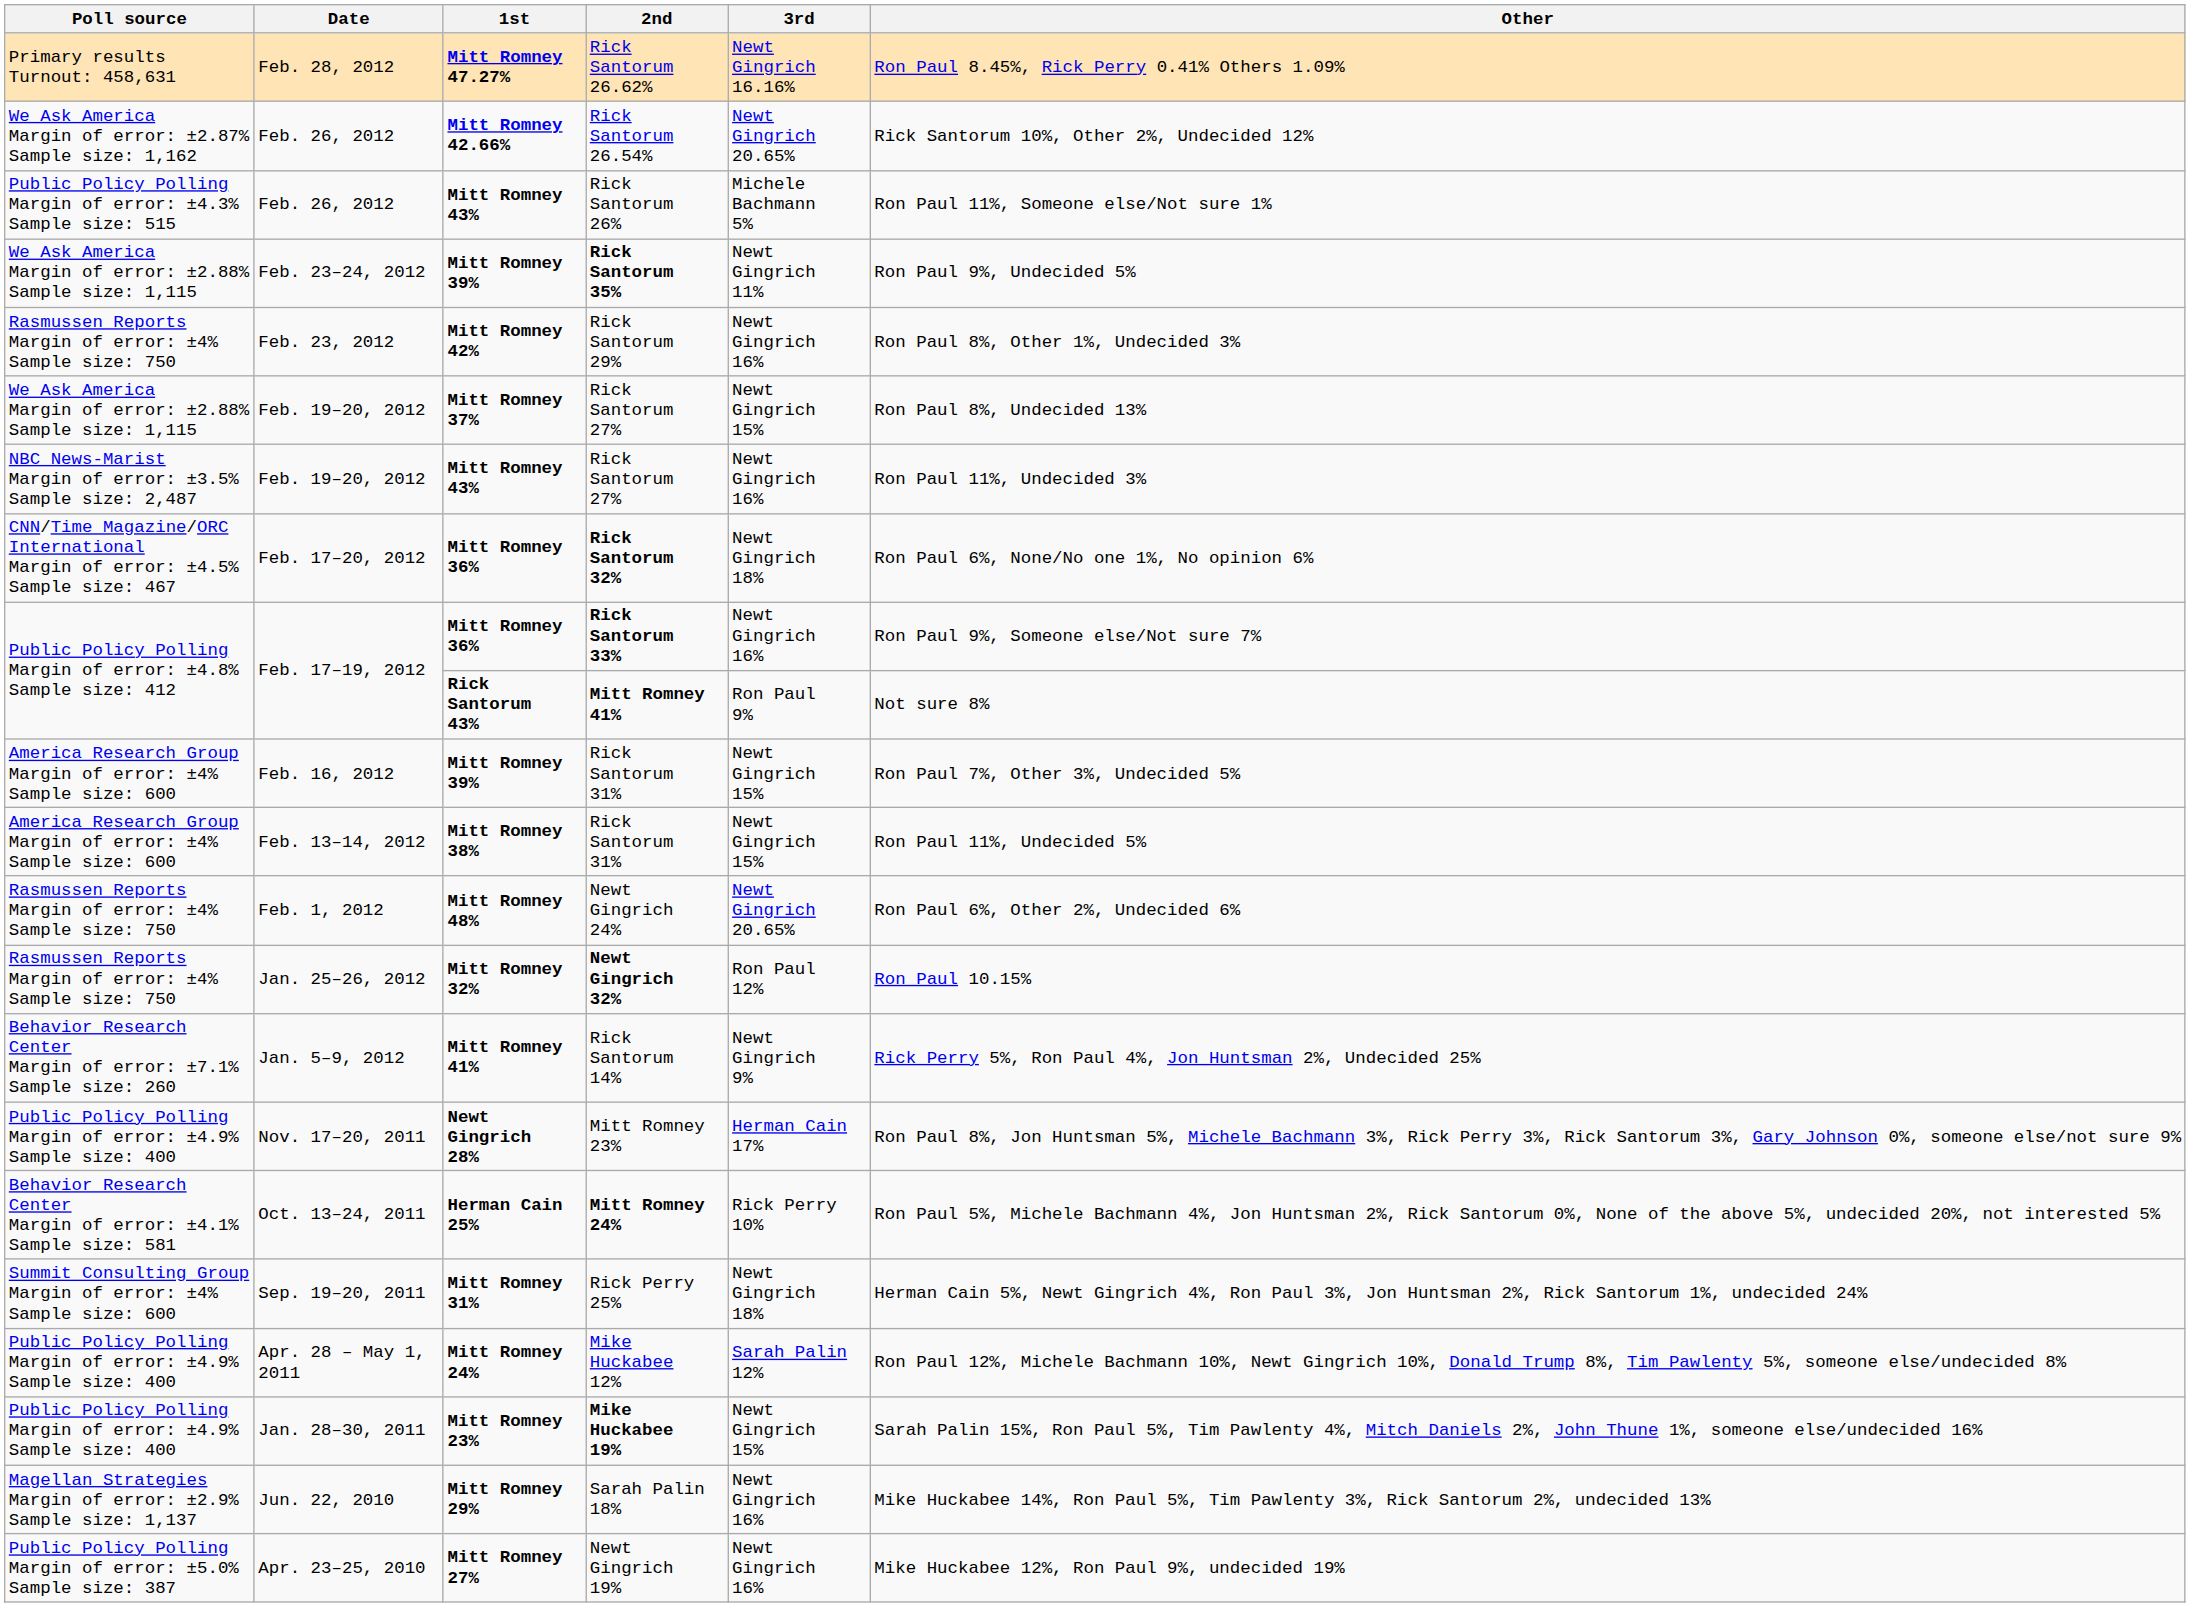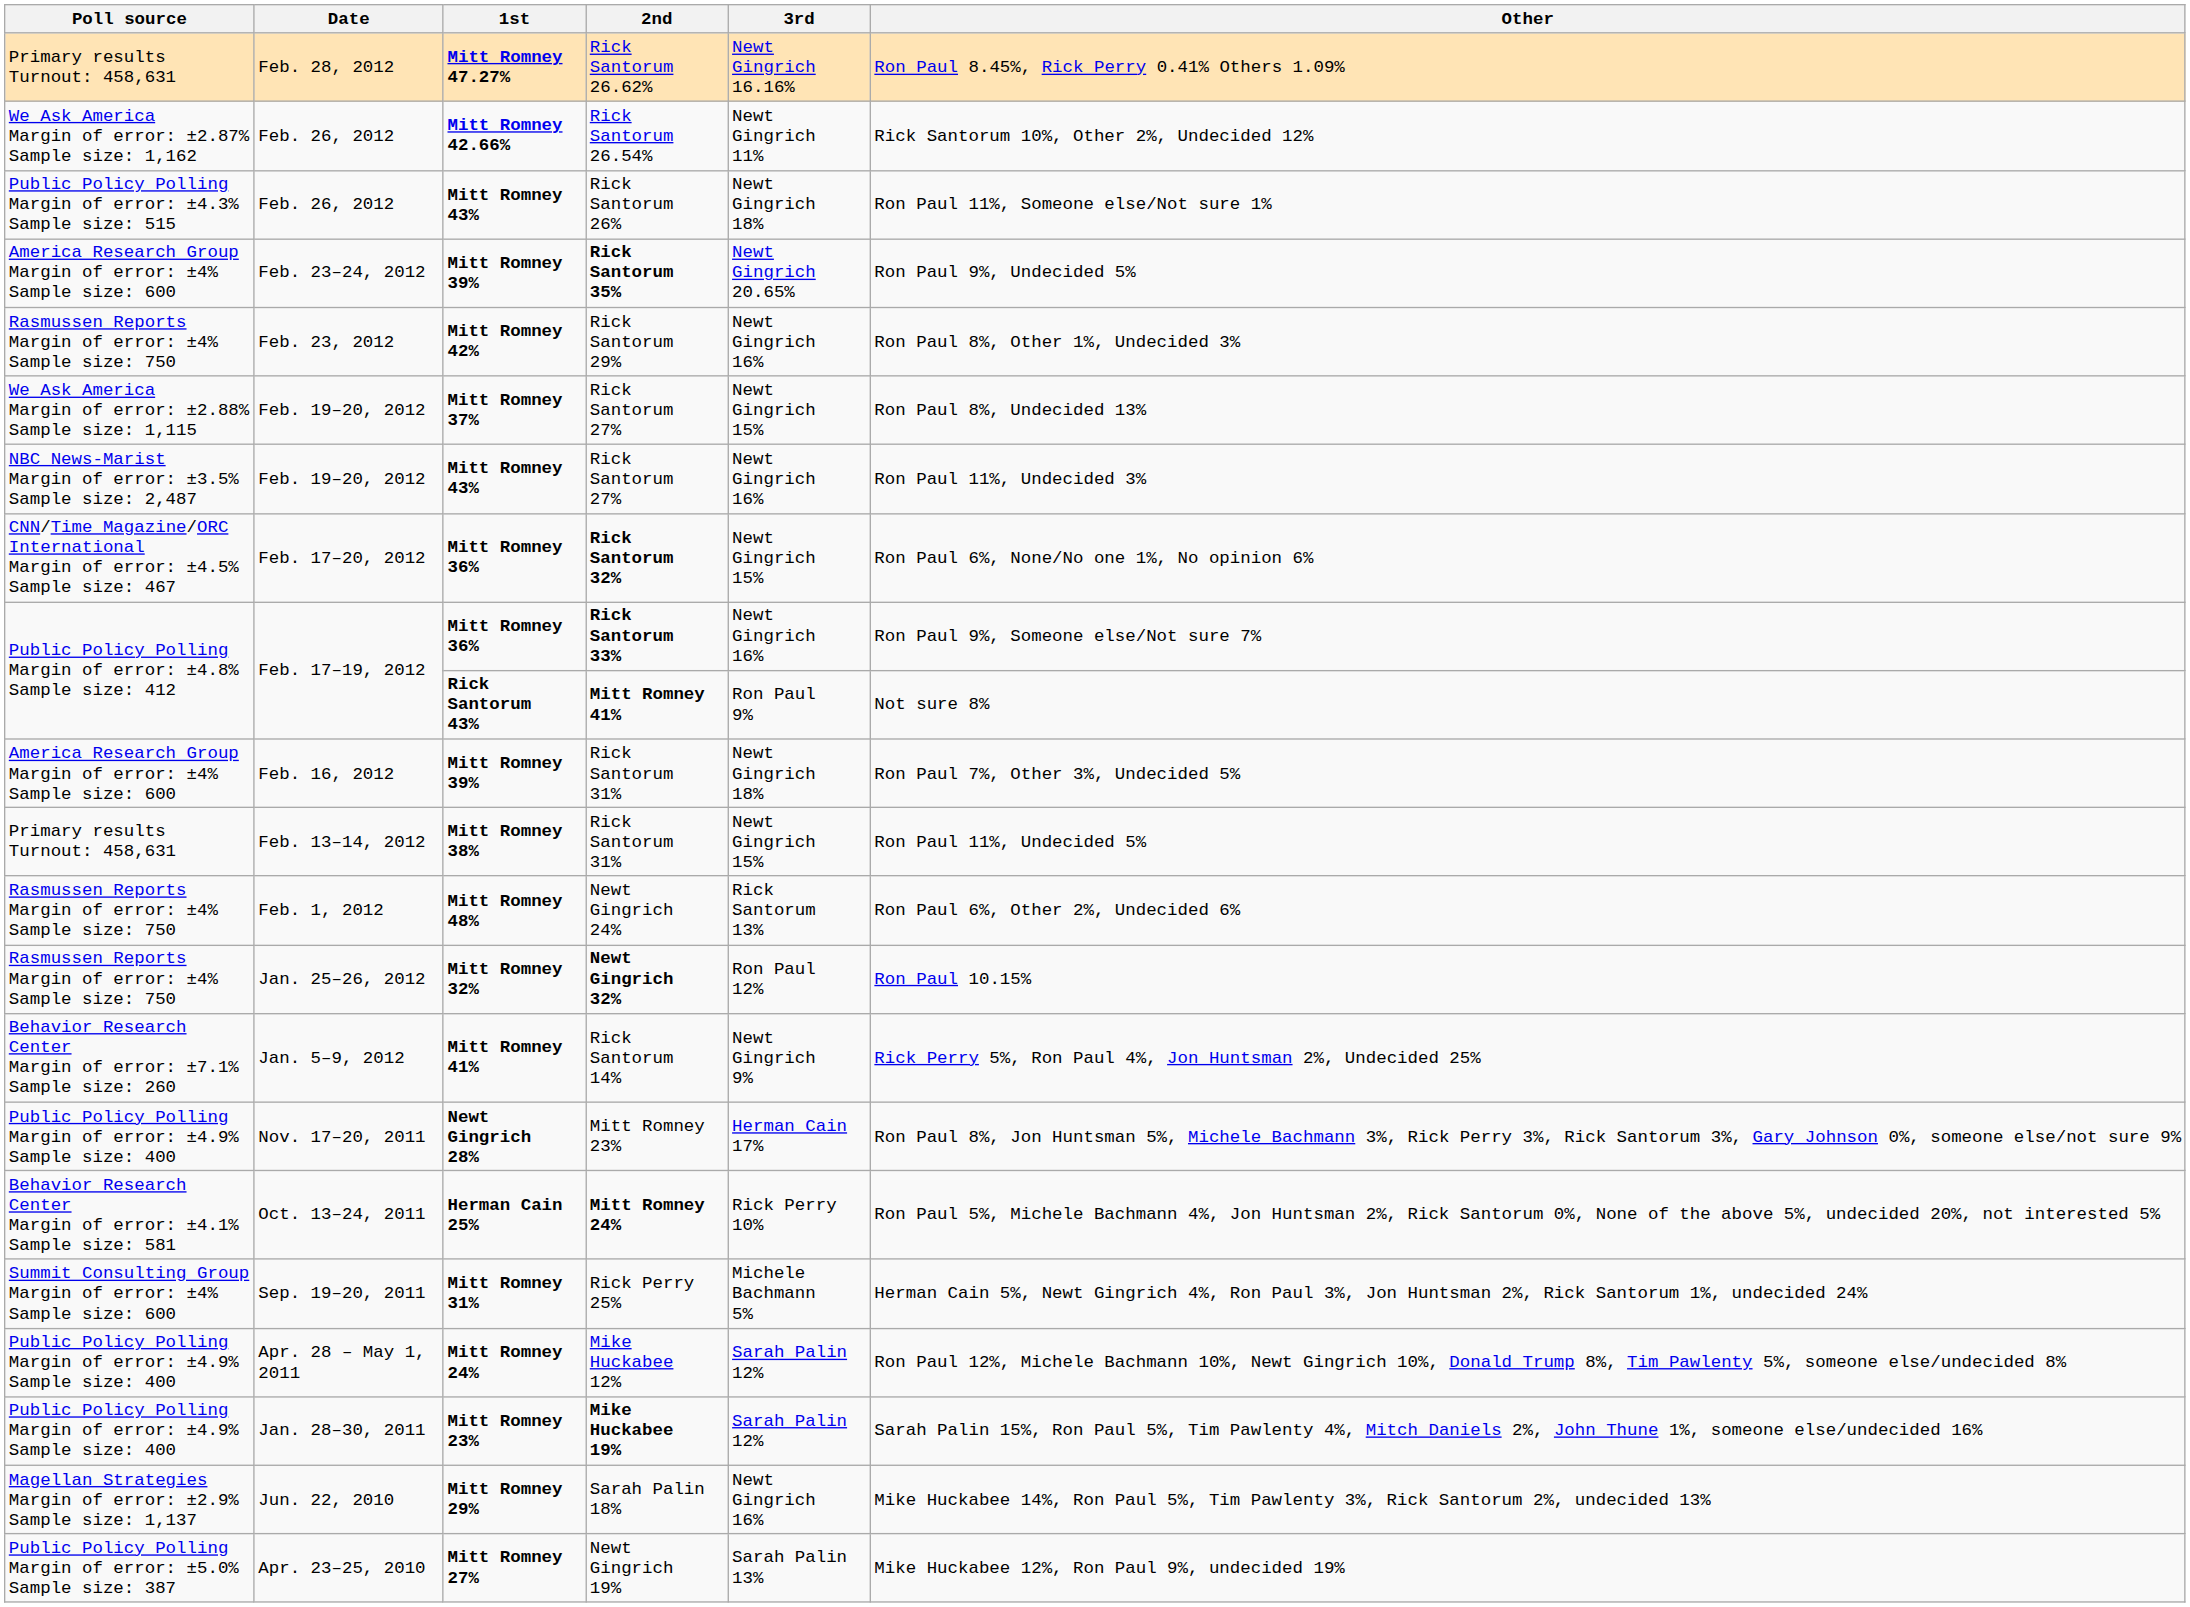 <table class="wikitable">
 <tr>
 <th style="width:180px;">Poll source</th>
 <th style="width:135px;">Date</th>
 <th style="width:100px;">1st</th>
 <th style="width:100px;">2nd</th>
 <th style="width:100px;">3rd</th>
 <th>Other</th>
 </tr>
 <tr style="background:Moccasin;">
 <td>Primary results<br>Turnout: 458,631</td>
 <td>Feb. 28, 2012</td>
 <td><strong><a href='#'>Mitt Romney</a> 47.27% </strong></td>
 <td><a href='#'>Rick Santorum</a><br>26.62%</td>
 <td><a href='#'>Newt Gingrich</a><br>16.16%</td>
 <td><a href='#'>Ron Paul</a> 8.45%, <a href='#'>Rick Perry</a> 0.41% Others 1.09%</td>
 </tr>
 <tr>
 <td><a href='#'>We Ask America</a><br>Margin of error: ±2.87%<br>Sample size: 1,162</td>
 <td>Feb. 26, 2012</td>
 <td><strong><a href='#'>Mitt Romney</a><br>42.66%</strong></td>
 <td><a href='#'>Rick Santorum</a><br>26.54%</td>
-<td><a href='#'>Newt Gingrich</a><br>20.65%</td>
+<td>Newt Gingrich<br>11%</td>
 <td>Rick Santorum 10%, Other 2%, Undecided 12%</td>
 </tr>
 <tr>
 <td><a href='#'>Public Policy Polling</a><br>Margin of error: ±4.3%<br>Sample size: 515</td>
 <td>Feb. 26, 2012</td>
 <td><strong>Mitt Romney<br>43%</strong></td>
 <td>Rick Santorum<br>26%</td>
-<td>Michele Bachmann<br>5%</td>
+<td>Newt Gingrich<br>18%</td>
 <td>Ron Paul 11%, Someone else/Not sure 1%</td>
 </tr>
 <tr>
-<td><a href='#'>We Ask America</a><br>Margin of error: ±2.88%<br>Sample size: 1,115</td>
+<td><a href='#'>America Research Group</a><br>Margin of error: ±4%<br>Sample size: 600</td>
 <td>Feb. 23–24, 2012</td>
 <td><strong>Mitt Romney<br>39%</strong></td>
 <td><strong>Rick Santorum<br>35%</strong></td>
-<td>Newt Gingrich<br>11%</td>
+<td><a href='#'>Newt Gingrich</a><br>20.65%</td>
 <td>Ron Paul 9%, Undecided 5%</td>
 </tr>
 <tr>
 <td><a href='#'>Rasmussen Reports</a><br>Margin of error: ±4%<br>Sample size: 750</td>
 <td>Feb. 23, 2012</td>
 <td><strong>Mitt Romney<br>42%</strong></td>
 <td>Rick Santorum<br>29%</td>
 <td>Newt Gingrich<br>16%</td>
 <td>Ron Paul 8%, Other 1%, Undecided 3%</td>
 </tr>
 <tr>
 <td><a href='#'>We Ask America</a><br>Margin of error: ±2.88%<br>Sample size: 1,115</td>
 <td>Feb. 19–20, 2012</td>
 <td><strong>Mitt Romney<br>37%</strong></td>
 <td>Rick Santorum<br>27%</td>
 <td>Newt Gingrich<br>15%</td>
 <td>Ron Paul 8%, Undecided 13%</td>
 </tr>
 <tr>
 <td><a href='#'>NBC News-Marist</a><br>Margin of error: ±3.5% <br>Sample size: 2,487</td>
 <td>Feb. 19–20, 2012</td>
 <td><strong>Mitt Romney<br>43%</strong></td>
 <td>Rick Santorum<br>27%</td>
 <td>Newt Gingrich<br>16%</td>
 <td>Ron Paul 11%, Undecided 3%</td>
 </tr>
 <tr>
 <td><a href='#'>CNN</a>/<a href='#'>Time Magazine</a>/<a href='#'>ORC International</a><br>Margin of error: ±4.5%<br>Sample size: 467</td>
 <td>Feb. 17–20, 2012</td>
 <td><strong>Mitt Romney<br>36%</strong></td>
 <td><strong>Rick Santorum<br>32%</strong></td>
-<td>Newt Gingrich<br>18%</td>
+<td>Newt Gingrich<br>15%</td>
 <td>Ron Paul 6%, None/No one 1%, No opinion 6%</td>
 </tr>
 <tr>
 <td rowspan=2><a href='#'>Public Policy Polling</a><br>Margin of error: ±4.8%<br>Sample size: 412</td>
 <td rowspan=2>Feb. 17–19, 2012</td>
 <td><strong>Mitt Romney<br>36%</strong></td>
 <td><strong>Rick Santorum<br>33%</strong></td>
 <td>Newt Gingrich<br>16%</td>
 <td>Ron Paul 9%, Someone else/Not sure 7%</td>
 </tr>
 <tr>
 <td><strong>Rick Santorum<br>43%</strong></td>
 <td><strong>Mitt Romney<br>41%</strong></td>
 <td>Ron Paul<br>9%</td>
 <td>Not sure 8%</td>
 </tr>
 <tr>
 <td><a href='#'>America Research Group</a><br>Margin of error: ±4%<br>Sample size: 600</td>
 <td>Feb. 16, 2012</td>
 <td><strong>Mitt Romney<br>39%</strong></td>
 <td>Rick Santorum<br>31%</td>
-<td>Newt Gingrich<br>15%</td>
+<td>Newt Gingrich<br>18%</td>
 <td>Ron Paul 7%, Other 3%, Undecided 5%</td>
 </tr>
 <tr>
-<td><a href='#'>America Research Group</a><br>Margin of error: ±4%<br>Sample size: 600</td>
+<td>Primary results<br>Turnout: 458,631</td>
 <td>Feb. 13–14, 2012</td>
 <td><strong>Mitt Romney<br>38%</strong></td>
 <td>Rick Santorum<br>31%</td>
 <td>Newt Gingrich<br>15%</td>
 <td>Ron Paul 11%, Undecided 5%</td>
 </tr>
 <tr>
 <td><a href='#'>Rasmussen Reports</a><br>Margin of error: ±4%<br>Sample size: 750</td>
 <td>Feb. 1, 2012</td>
 <td><strong>Mitt Romney<br>48%</strong></td>
 <td>Newt Gingrich<br>24%</td>
-<td><a href='#'>Newt Gingrich</a><br>20.65%</td>
+<td>Rick Santorum<br>13%</td>
 <td>Ron Paul 6%, Other 2%, Undecided 6%</td>
 </tr>
 <tr>
 <td><a href='#'>Rasmussen Reports</a><br>Margin of error: ±4%<br>Sample size: 750</td>
 <td>Jan. 25–26, 2012</td>
 <td><strong>Mitt Romney<br>32%</strong></td>
 <td><strong>Newt Gingrich<br>32%</strong></td>
 <td>Ron Paul<br>12%</td>
 <td><a href='#'>Ron Paul</a> 10.15%</td>
 </tr>
 <tr>
 <td><a href='#'>Behavior Research Center</a><br>Margin of error: ±7.1%<br>Sample size: 260</td>
 <td>Jan. 5–9, 2012</td>
 <td><strong>Mitt Romney<br>41%</strong></td>
 <td>Rick Santorum<br>14%</td>
 <td>Newt Gingrich<br>9%</td>
 <td><a href='#'>Rick Perry</a> 5%, Ron Paul 4%, <a href='#'>Jon Huntsman</a> 2%, Undecided 25%</td>
 </tr>
 <tr>
 <td><a href='#'>Public Policy Polling</a><br>Margin of error: ±4.9%<br>Sample size: 400</td>
 <td>Nov. 17–20, 2011</td>
 <td><strong>Newt Gingrich<br>28%</strong></td>
 <td>Mitt Romney<br>23%</td>
 <td><a href='#'>Herman Cain</a><br>17%</td>
 <td>Ron Paul 8%, Jon Huntsman 5%, <a href='#'>Michele Bachmann</a> 3%, Rick Perry 3%, Rick Santorum 3%, <a href='#'>Gary Johnson</a> 0%, someone else/not sure 9%</td>
 </tr>
 <tr>
 <td><a href='#'>Behavior Research Center</a><br>Margin of error: ±4.1%<br>Sample size: 581</td>
 <td>Oct. 13–24, 2011</td>
 <td><strong>Herman Cain<br>25%</strong></td>
 <td><strong>Mitt Romney<br>24%</strong></td>
 <td>Rick Perry<br>10%</td>
 <td>Ron Paul 5%, Michele Bachmann 4%, Jon Huntsman 2%, Rick Santorum 0%, None of the above 5%, undecided 20%, not interested 5%</td>
 </tr>
 <tr>
 <td><a href='#'>Summit Consulting Group</a><br>Margin of error: ±4%<br>Sample size: 600</td>
 <td>Sep. 19–20, 2011</td>
 <td><strong>Mitt Romney<br>31%</strong></td>
 <td>Rick Perry<br>25%</td>
-<td>Newt Gingrich<br>18%</td>
+<td>Michele Bachmann<br>5%</td>
 <td>Herman Cain 5%, Newt Gingrich 4%, Ron Paul 3%, Jon Huntsman 2%, Rick Santorum 1%, undecided 24%</td>
 </tr>
 <tr>
 <td><a href='#'>Public Policy Polling</a><br>Margin of error: ±4.9%<br>Sample size: 400</td>
 <td>Apr. 28 – May 1, 2011</td>
 <td><strong>Mitt Romney<br>24%</strong></td>
 <td><a href='#'>Mike Huckabee</a><br>12%</td>
 <td><a href='#'>Sarah Palin</a><br>12%</td>
 <td>Ron Paul 12%, Michele Bachmann 10%, Newt Gingrich 10%, <a href='#'>Donald Trump</a> 8%, <a href='#'>Tim Pawlenty</a> 5%, someone else/undecided 8%</td>
 </tr>
 <tr>
 <td><a href='#'>Public Policy Polling</a><br>Margin of error: ±4.9%<br>Sample size: 400</td>
 <td>Jan. 28–30, 2011</td>
 <td><strong>Mitt Romney<br>23%</strong></td>
 <td><strong>Mike Huckabee<br>19%</strong></td>
-<td>Newt Gingrich<br>15%</td>
+<td><a href='#'>Sarah Palin</a><br>12%</td>
 <td>Sarah Palin 15%, Ron Paul 5%, Tim Pawlenty 4%, <a href='#'>Mitch Daniels</a> 2%, <a href='#'>John Thune</a> 1%, someone else/undecided 16%</td>
 </tr>
 <tr>
 <td><a href='#'>Magellan Strategies</a><br>Margin of error: ±2.9%<br>Sample size: 1,137</td>
 <td>Jun. 22, 2010</td>
 <td><strong>Mitt Romney<br>29%</strong></td>
 <td>Sarah Palin<br>18%</td>
 <td>Newt Gingrich<br>16%</td>
 <td>Mike Huckabee 14%, Ron Paul 5%, Tim Pawlenty 3%, Rick Santorum 2%, undecided 13%</td>
 </tr>
 <tr>
 <td><a href='#'>Public Policy Polling</a><br>Margin of error: ±5.0%<br>Sample size: 387</td>
 <td>Apr. 23–25, 2010</td>
 <td><strong>Mitt Romney<br>27%</strong></td>
 <td>Newt Gingrich<br>19%</td>
-<td>Newt Gingrich<br>16%</td>
+<td>Sarah Palin<br>13%</td>
 <td>Mike Huckabee 12%, Ron Paul 9%, undecided 19%</td>
 </tr>
 </table>
